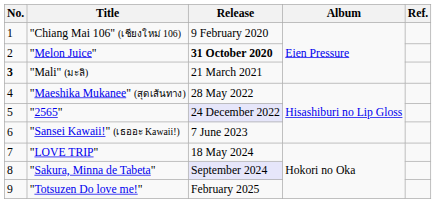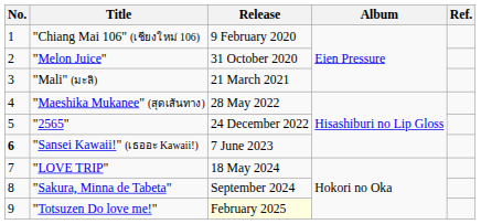 <table class="wikitable">
 <tr>
 <th>No.</th>
 <th>Title</th>
 <th>Release</th>
 <th>Album</th>
 <th>Ref.</th>
 </tr>
 <tr>
 <td>1</td>
 <td>"Chiang Mai 106" <small>(เชียงใหม่ 106)</small></td>
 <td>9 February 2020</td>
 <td rowspan=3><a href='#'>Eien Pressure</a></td>
 <td></td>
 </tr>
 <tr>
 <td>2</td>
 <td>"<a href='#'>Melon Juice</a>"</td>
-<td><strong>31 October 2020</strong></td>
+<td>31 October 2020</td>
 <td></td>
 </tr>
 <tr>
-<td><strong>3</strong></td>
+<td>3</td>
 <td>"Mali" <small>(มะลิ)</small></td>
 <td>21 March 2021</td>
 <td></td>
 </tr>
 <tr>
 <td>4</td>
 <td>"<a href='#'>Maeshika Mukanee</a>" <small>(สุดเส้นทาง)</small></td>
 <td>28 May 2022</td>
 <td rowspan=3><a href='#'>Hisashiburi no Lip Gloss</a></td>
 <td></td>
 </tr>
 <tr>
 <td>5</td>
 <td>"<a href='#'>2565</a>"</td>
-<td style="background: lavender;">24 December 2022</td>
+<td>24 December 2022</td>
 <td></td>
 </tr>
 <tr>
-<td>6</td>
+<td><strong>6</strong></td>
 <td>"<a href='#'>Sansei Kawaii!</a>" <small>(เธออะ Kawaii!)</small></td>
 <td>7 June 2023</td>
 <td></td>
 </tr>
 <tr>
 <td>7</td>
 <td>"<a href='#'>LOVE TRIP</a>"</td>
 <td>18 May 2024</td>
 <td rowspan=3>Hokori no Oka</td>
 <td></td>
 </tr>
 <tr>
 <td>8</td>
 <td>"<a href='#'>Sakura, Minna de Tabeta</a>"</td>
-<td style="background: lavender;">September 2024</td>
+<td>September 2024</td>
 <td></td>
 </tr>
 <tr>
 <td>9</td>
 <td>"<a href='#'>Totsuzen Do love me!</a>"</td>
-<td>February 2025</td>
+<td style="background: lightyellow;">February 2025</td>
 <td></td>
 </tr>
 </table>
